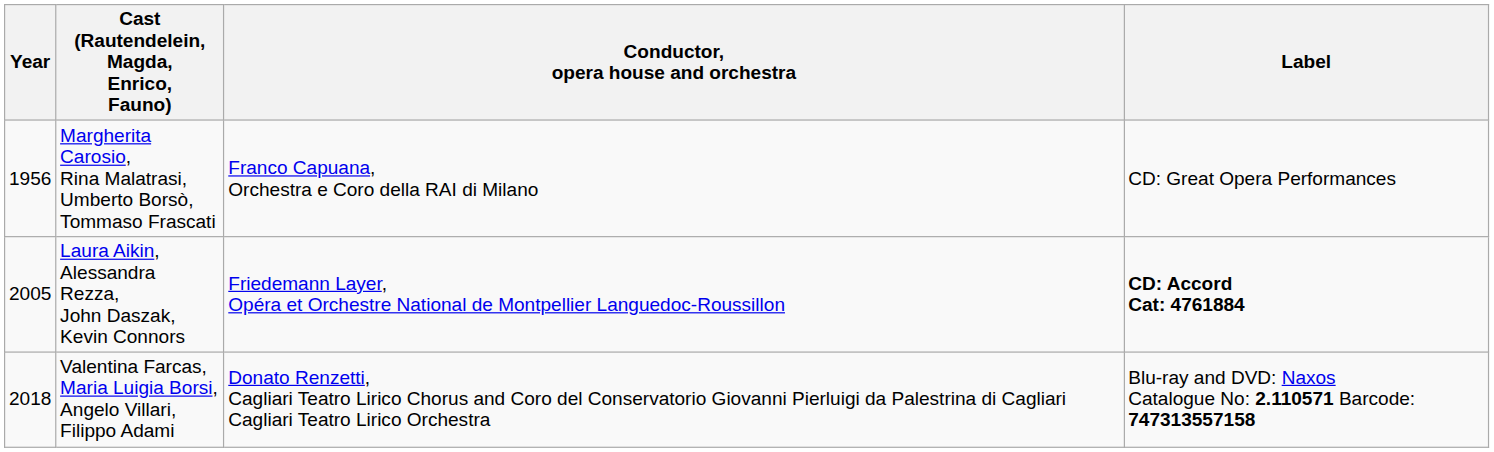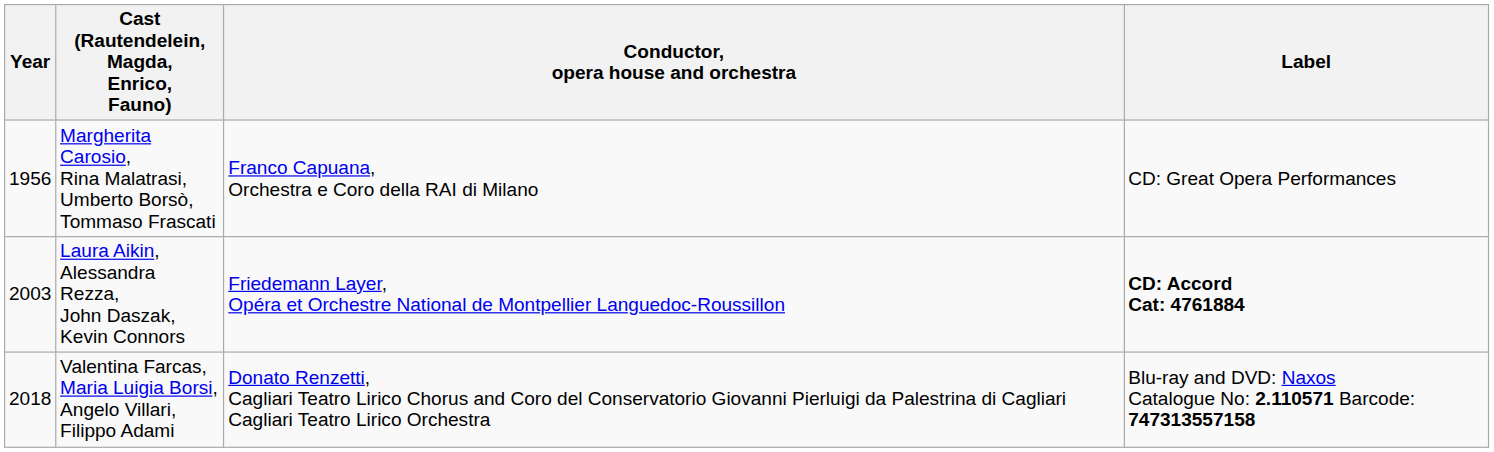 <table class="wikitable">
 <tr>
 <th>Year</th>
 <th>Cast<br>(Rautendelein,<br>Magda,<br>Enrico,<br>Fauno)</th>
 <th>Conductor,<br>opera house and orchestra</th>
 <th>Label</th>
 </tr>
 <tr>
 <td>1956</td>
 <td><a href='#'>Margherita Carosio</a>,<br>Rina Malatrasi,<br>Umberto Borsò,<br>Tommaso Frascati</td>
 <td><a href='#'>Franco Capuana</a>,<br>Orchestra e Coro della RAI di Milano</td>
 <td>CD: Great Opera Performances</td>
 </tr>
 <tr>
-<td>2005</td>
+<td>2003</td>
 <td><a href='#'>Laura Aikin</a>,<br>Alessandra Rezza,<br>John Daszak,<br>Kevin Connors</td>
 <td><a href='#'>Friedemann Layer</a>,<br><a href='#'>Opéra et Orchestre National de Montpellier Languedoc-Roussillon</a></td>
 <td><strong>CD: Accord<br>Cat: 4761884</strong></td>
 </tr>
 <tr>
 <td>2018</td>
 <td>Valentina Farcas,<br><a href='#'>Maria Luigia Borsi</a>,<br>Angelo Villari,<br>Filippo Adami</td>
 <td><a href='#'>Donato Renzetti</a>,<br>Cagliari Teatro Lirico Chorus and Coro del Conservatorio Giovanni Pierluigi da Palestrina di Cagliari Cagliari Teatro Lirico Orchestra</td>
 <td>Blu-ray and DVD: <a href='#'>Naxos</a><br>Catalogue No: <strong>2.110571</strong> Barcode: <strong>747313557158</strong></td>
 </tr>
 </table>
